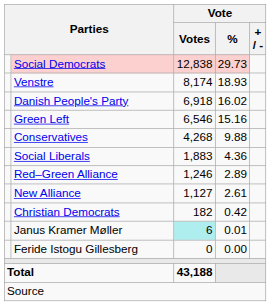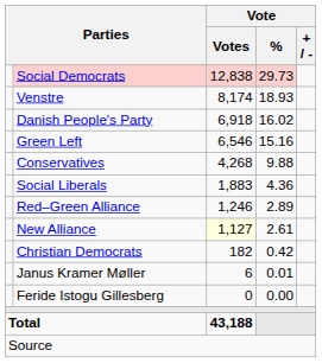 <table class="wikitable" style="text-align:right;">
 <tr>
 <th style="text-align:centre;" rowspan="2" colspan="2" width="225">Parties</th>
 <th colspan="3">Vote</th>
 </tr>
 <tr>
 <th width="15">Votes</th>
 <th width="15">%</th>
 <th width="15">+ / -</th>
 </tr>
 <tr>
 <td width="2" style="color:inherit;background:"></td>
 <td bgcolor=#fbd0ce  align="left"><a href='#'>Social Democrats</a></td>
 <td bgcolor=#fbd0ce>12,838</td>
 <td bgcolor=#fbd0ce>29.73</td>
 <td></td>
 </tr>
 <tr>
 <td width="2" style="color:inherit;background:"></td>
 <td align="left"><a href='#'>Venstre</a></td>
 <td>8,174</td>
 <td>18.93</td>
 <td></td>
 </tr>
 <tr>
 <td width="2" style="color:inherit;background:"></td>
 <td align="left"><a href='#'>Danish People's Party</a></td>
 <td>6,918</td>
 <td>16.02</td>
 <td></td>
 </tr>
 <tr>
 <td width="2" style="color:inherit;background:"></td>
 <td align="left"><a href='#'>Green Left</a></td>
 <td>6,546</td>
 <td>15.16</td>
 <td></td>
 </tr>
 <tr>
 <td width="2" style="color:inherit;background:"></td>
 <td align="left"><a href='#'>Conservatives</a></td>
 <td>4,268</td>
 <td>9.88</td>
 <td></td>
 </tr>
 <tr>
 <td width="2" style="color:inherit;background:"></td>
 <td align="left"><a href='#'>Social Liberals</a></td>
 <td>1,883</td>
 <td>4.36</td>
 <td></td>
 </tr>
 <tr>
 <td width="2" style="color:inherit;background:"></td>
 <td align="left"><a href='#'>Red–Green Alliance</a></td>
 <td>1,246</td>
 <td>2.89</td>
 <td></td>
 </tr>
 <tr>
 <td width="2" style="color:inherit;background:"></td>
 <td align="left"><a href='#'>New Alliance</a></td>
-<td>1,127</td>
+<td style="background: lightyellow;">1,127</td>
 <td>2.61</td>
 <td></td>
 </tr>
 <tr>
 <td width="2" style="color:inherit;background:"></td>
 <td align="left"><a href='#'>Christian Democrats</a></td>
 <td>182</td>
 <td>0.42</td>
 <td></td>
 </tr>
 <tr>
 <td width="2" style="color:inherit;background:"></td>
 <td align="left">Janus Kramer Møller</td>
-<td style="background: paleturquoise;">6</td>
+<td>6</td>
 <td>0.01</td>
 <td></td>
 </tr>
 <tr>
 <td width="2" style="color:inherit;background:"></td>
 <td align="left">Feride Istogu Gillesberg</td>
 <td>0</td>
 <td>0.00</td>
 <td></td>
 </tr>
 <tr>
 <td colspan="7" bgcolor="#E9E9E9"></td>
 </tr>
 <tr>
 <td align="left" colspan="2"><strong>Total</strong></td>
 <td><strong>43,188</strong></td>
 <td bgcolor="#E9E9E9" colspan="2"></td>
 </tr>
 <tr>
 <td align="left" colspan="6">Source</td>
 </tr>
 </table>
